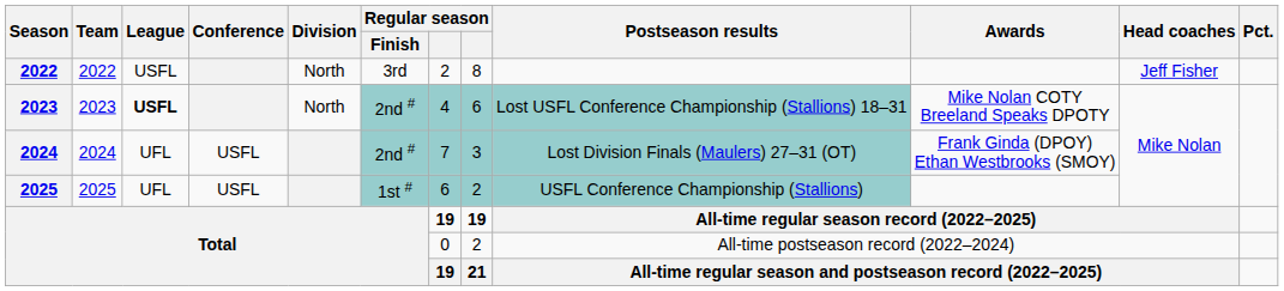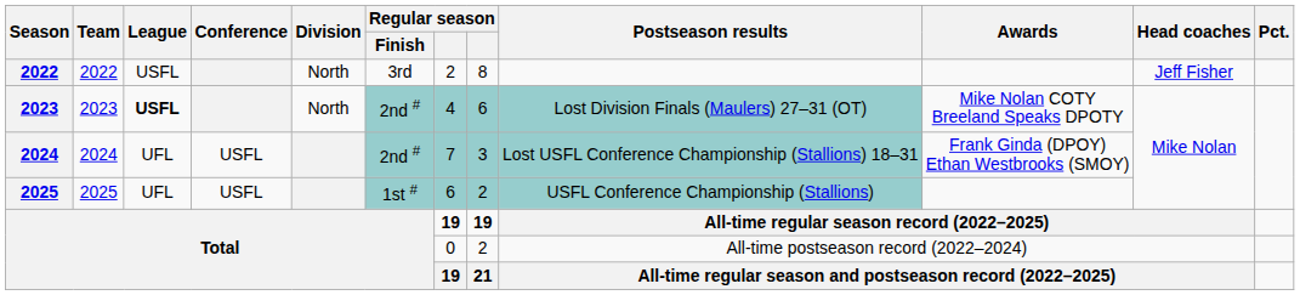 <table class="wikitable" style="text-align:center">
 <tr>
 <th rowspan="2">Season</th>
 <th rowspan="2">Team</th>
 <th rowspan="2">League</th>
 <th rowspan="2">Conference</th>
 <th rowspan="2">Division</th>
 <th colspan="3">Regular season</th>
 <th rowspan="2">Postseason results</th>
 <th rowspan="2">Awards</th>
 <th rowspan="2">Head coaches</th>
 <th rowspan="2">Pct.</th>
 </tr>
 <tr>
 <th>Finish</th>
 <th></th>
 <th></th>
 </tr>
 <tr>
 <th><a href='#'>2022</a></th>
 <td><a href='#'>2022</a></td>
 <td>USFL</td>
 <th></th>
 <td>North</td>
 <td bgcolor=>3rd</td>
 <td bgcolor=>2</td>
 <td bgcolor=>8</td>
 <td bgcolor=></td>
 <td></td>
 <td><a href='#'>Jeff Fisher</a></td>
 <td></td>
 </tr>
 <tr>
 <th><a href='#'>2023</a></th>
 <td><a href='#'>2023</a></td>
 <td><strong>USFL</strong></td>
 <th></th>
 <td>North</td>
 <td bgcolor="#96cdcd">2nd <sup>#</sup></td>
 <td bgcolor="#96cdcd">4</td>
 <td bgcolor="#96cdcd">6</td>
-<td bgcolor="#96cdcd">Lost USFL Conference Championship (<a href='#'>Stallions</a>) 18–31</td>
+<td bgcolor="#96cdcd">Lost Division Finals (<a href='#'>Maulers</a>) 27–31 (OT)</td>
 <td><a href='#'>Mike Nolan</a> COTY<br><a href='#'>Breeland Speaks</a> DPOTY</td>
 <td rowspan="3"><a href='#'>Mike Nolan</a></td>
 <td rowspan="3"></td>
 </tr>
 <tr>
 <th><a href='#'>2024</a></th>
 <td><a href='#'>2024</a></td>
 <td>UFL</td>
 <td>USFL</td>
 <th></th>
 <td bgcolor="#96cdcd">2nd <sup>#</sup></td>
 <td bgcolor="#96cdcd">7</td>
 <td bgcolor="#96cdcd">3</td>
-<td bgcolor="#96cdcd">Lost Division Finals (<a href='#'>Maulers</a>) 27–31 (OT)</td>
+<td bgcolor="#96cdcd">Lost USFL Conference Championship (<a href='#'>Stallions</a>) 18–31</td>
 <td><a href='#'>Frank Ginda</a> (DPOY)<br><a href='#'>Ethan Westbrooks</a> (SMOY)</td>
 </tr>
 <tr>
 <th><a href='#'>2025</a></th>
 <td><a href='#'>2025</a></td>
 <td>UFL</td>
 <td>USFL</td>
 <th></th>
 <td bgcolor="#96cdcd">1st <sup>#</sup></td>
 <td bgcolor="#96cdcd">6</td>
 <td bgcolor="#96cdcd">2</td>
 <td bgcolor="#96cdcd">USFL Conference Championship (<a href='#'>Stallions</a>)</td>
 <td></td>
 </tr>
 <tr>
 <th rowspan="3" colspan="6">Total</th>
 <td><strong>19</strong></td>
 <td><strong>19</strong></td>
 <th colspan="3">All-time regular season record (2022–2025)</th>
 <td></td>
 </tr>
 <tr>
 <td>0</td>
 <td>2</td>
 <td colspan="3">All-time postseason record (2022–2024)</td>
 <td></td>
 </tr>
 <tr>
 <th>19</th>
 <th>21</th>
 <th colspan="3">All-time regular season and postseason record (2022–2025)</th>
 <td></td>
 </tr>
 </table>
